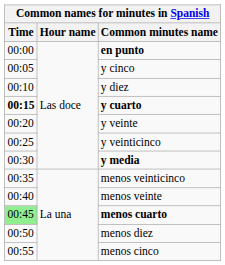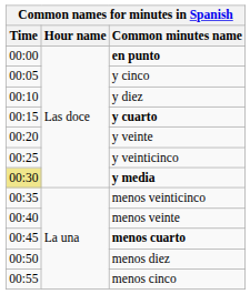 <table class="wikitable mw-collapsible" style="float:right; margin-left:1em">
 <tr>
 <th colspan=3>Common names for minutes in <a href='#'>Spanish</a></th>
 </tr>
 <tr>
 <th>Time</th>
 <th>Hour name</th>
 <th>Common minutes name</th>
 </tr>
 <tr>
 <td>00:00</td>
 <td rowspan=7>Las doce</td>
 <td><strong>en punto</strong></td>
 </tr>
 <tr>
 <td>00:05</td>
 <td>y cinco</td>
 </tr>
 <tr>
 <td>00:10</td>
 <td>y diez</td>
 </tr>
 <tr>
-<td><strong>00:15</strong></td>
+<td>00:15</td>
 <td><strong>y cuarto</strong></td>
 </tr>
 <tr>
 <td>00:20</td>
 <td>y veinte</td>
 </tr>
 <tr>
 <td>00:25</td>
 <td>y veinticinco</td>
 </tr>
 <tr>
-<td>00:30</td>
+<td style="background: khaki;">00:30</td>
 <td><strong>y media</strong></td>
 </tr>
 <tr>
 <td>00:35</td>
 <td rowspan=5>La una</td>
 <td>menos veinticinco</td>
 </tr>
 <tr>
 <td>00:40</td>
 <td>menos veinte</td>
 </tr>
 <tr>
-<td style="background: lightgreen;">00:45</td>
+<td>00:45</td>
 <td><strong>menos cuarto</strong></td>
 </tr>
 <tr>
 <td>00:50</td>
 <td>menos diez</td>
 </tr>
 <tr>
 <td>00:55</td>
 <td>menos cinco</td>
 </tr>
 </table>
